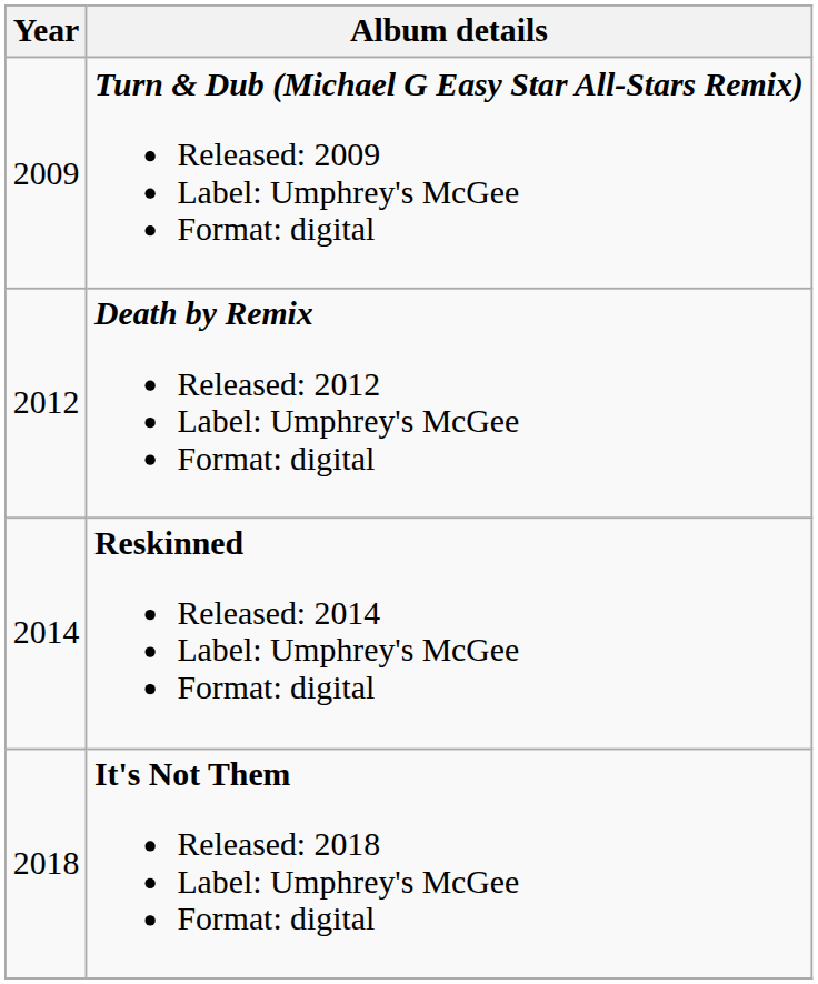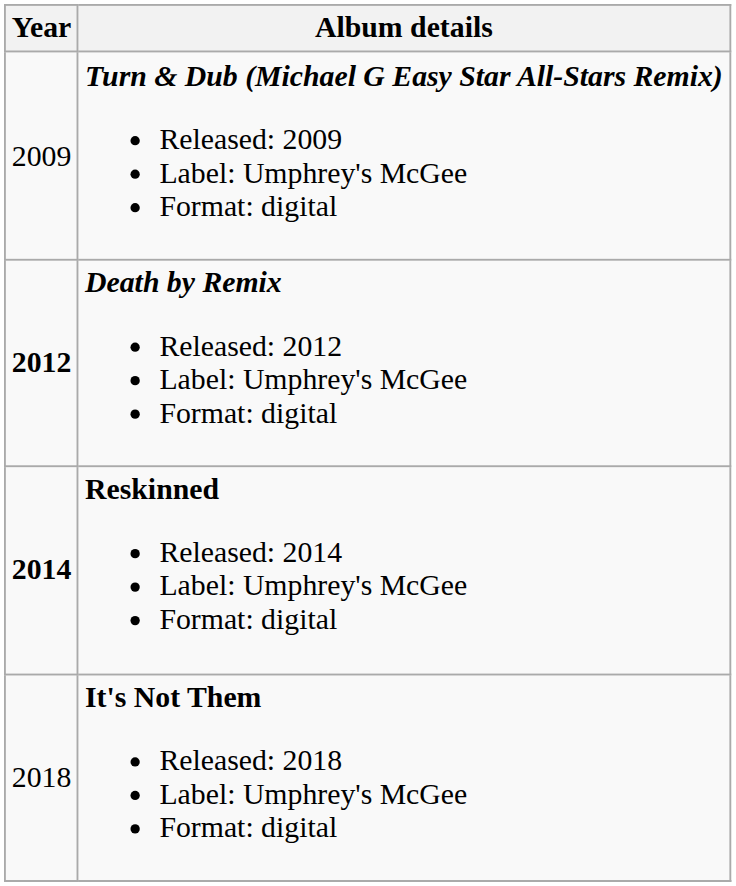 <table class="wikitable sortable">
 <tr>
 <th>Year</th>
 <th>Album details</th>
 </tr>
 <tr>
 <td align="center">2009</td>
 <td><strong><em>Turn & Dub (Michael G Easy Star All-Stars Remix)</em></strong><br><ul><li>Released: 2009</li><li>Label: Umphrey's McGee</li><li>Format: digital</li></ul></td>
 </tr>
 <tr>
-<td align="center">2012</td>
+<td align="center"><strong>2012</strong></td>
 <td><strong><em>Death by Remix</em></strong><br><ul><li>Released: 2012</li><li>Label: Umphrey's McGee</li><li>Format: digital</li></ul></td>
 </tr>
 <tr>
-<td align="center">2014</td>
+<td align="center"><strong>2014</strong></td>
 <td><strong>Reskinned</strong><br><ul><li>Released: 2014</li><li>Label: Umphrey's McGee</li><li>Format: digital</li></ul></td>
 </tr>
 <tr>
 <td align="center">2018</td>
 <td><strong>It's Not Them</strong><br><ul><li>Released: 2018</li><li>Label: Umphrey's McGee</li><li>Format: digital</li></ul></td>
 </tr>
 <tr>
 </tr>
 </table>
